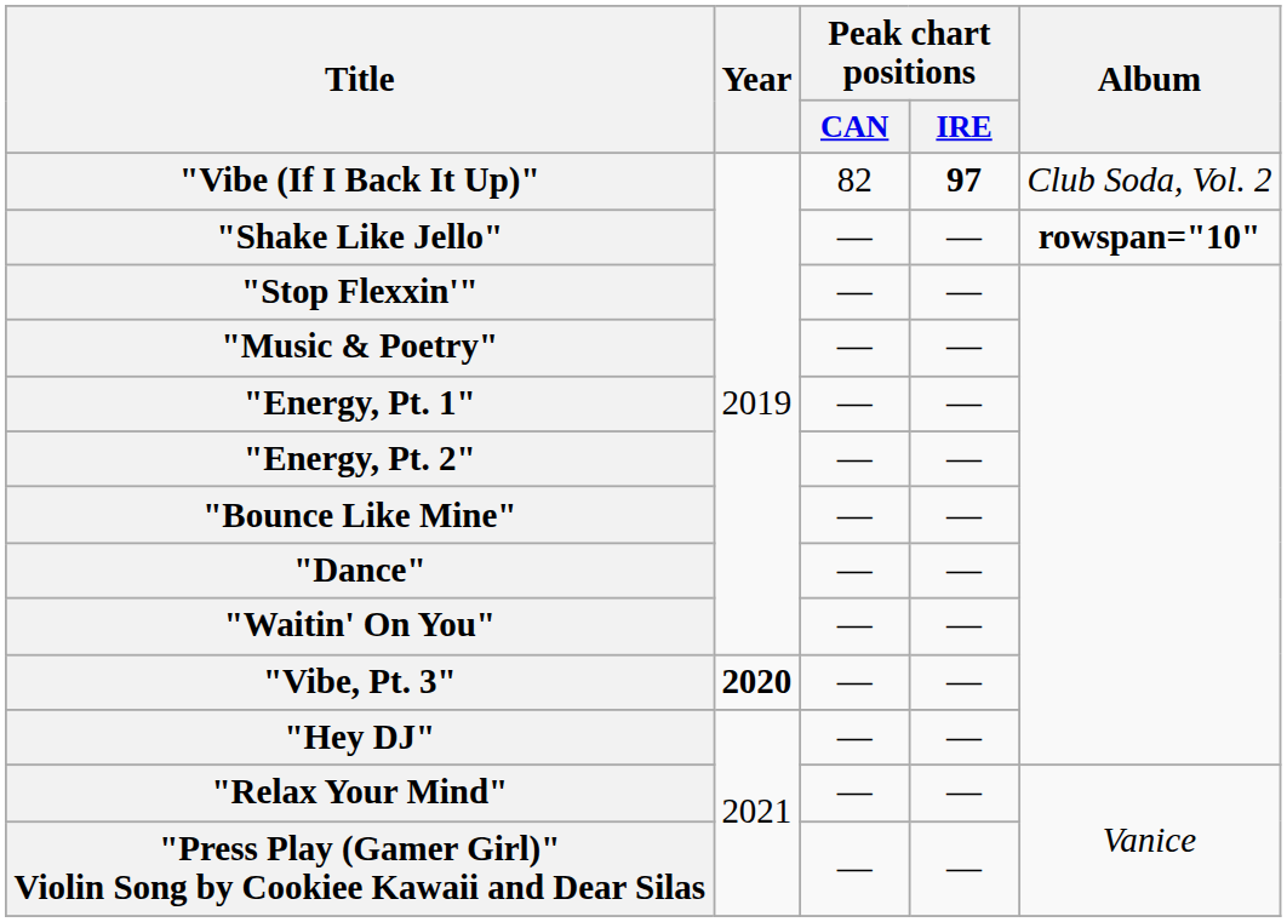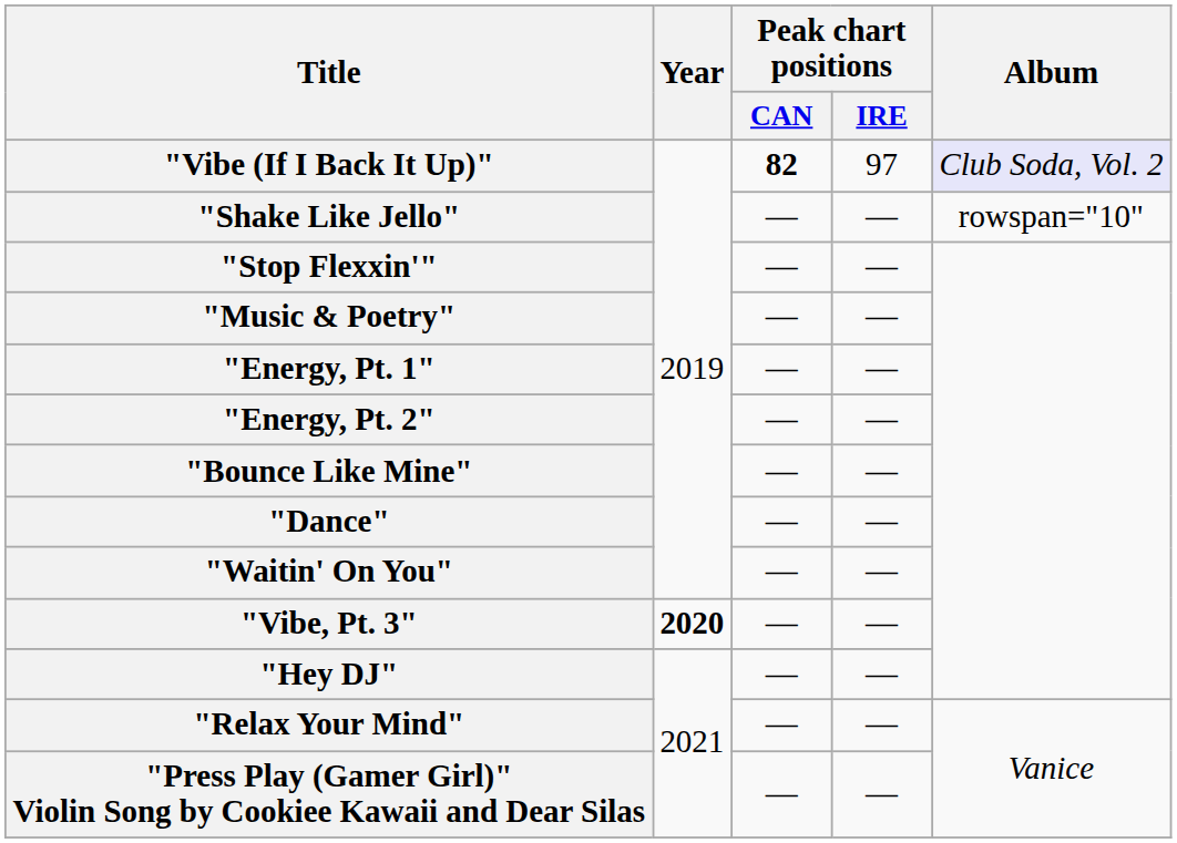 <table class="wikitable plainrowheaders" style="text-align:center;">
 <tr>
 <th rowspan="2">Title</th>
 <th rowspan="2">Year</th>
 <th colspan="2">Peak chart positions</th>
 <th rowspan="2">Album</th>
 </tr>
 <tr>
 <th scope="col" style="width:3em;font-size:90%;"><a href='#'>CAN</a><br></th>
 <th scope="col" style="width:3em;font-size:90%;"><a href='#'>IRE</a><br></th>
 </tr>
 <tr>
 <th scope="row">"Vibe (If I Back It Up)"<br></th>
 <td rowspan="9">2019</td>
-<td>82</td>
-<td><strong>97</strong></td>
-<td><em>Club Soda, Vol. 2</em></td>
+<td><strong>82</strong></td>
+<td>97</td>
+<td style="background: lavender;"><em>Club Soda, Vol. 2</em></td>
 </tr>
 <tr>
 <th scope="row">"Shake Like Jello"</th>
 <td>—</td>
 <td>—</td>
-<td><strong>rowspan="10" </strong></td>
+<td>rowspan="10" </td>
 </tr>
 <tr>
 <th scope="row">"Stop Flexxin'"</th>
 <td>—</td>
 <td>—</td>
 </tr>
 <tr>
 <th scope="row">"Music & Poetry"</th>
 <td>—</td>
 <td>—</td>
 </tr>
 <tr>
 <th scope="row">"Energy, Pt. 1"</th>
 <td>—</td>
 <td>—</td>
 </tr>
 <tr>
 <th scope="row">"Energy, Pt. 2"</th>
 <td>—</td>
 <td>—</td>
 </tr>
 <tr>
 <th scope="row">"Bounce Like Mine"</th>
 <td>—</td>
 <td>—</td>
 </tr>
 <tr>
 <th scope="row">"Dance"<br></th>
 <td>—</td>
 <td>—</td>
 </tr>
 <tr>
 <th scope="row">"Waitin' On You"</th>
 <td>—</td>
 <td>—</td>
 </tr>
 <tr>
 <th scope="row">"Vibe, Pt. 3"</th>
 <td><strong>2020</strong></td>
 <td>—</td>
 <td>—</td>
 </tr>
 <tr>
 <th scope="row">"Hey DJ"</th>
 <td rowspan="3">2021</td>
 <td>—</td>
 <td>—</td>
 </tr>
 <tr>
 <th scope="row">"Relax Your Mind"</th>
 <td>—</td>
 <td>—</td>
 <td rowspan="2"><em>Vanice</em></td>
 </tr>
 <tr>
 <th scope="row">"Press Play (Gamer Girl)"<br>Violin Song by Cookiee Kawaii and Dear Silas</th>
 <td>—</td>
 <td>—</td>
 </tr>
 </table>
